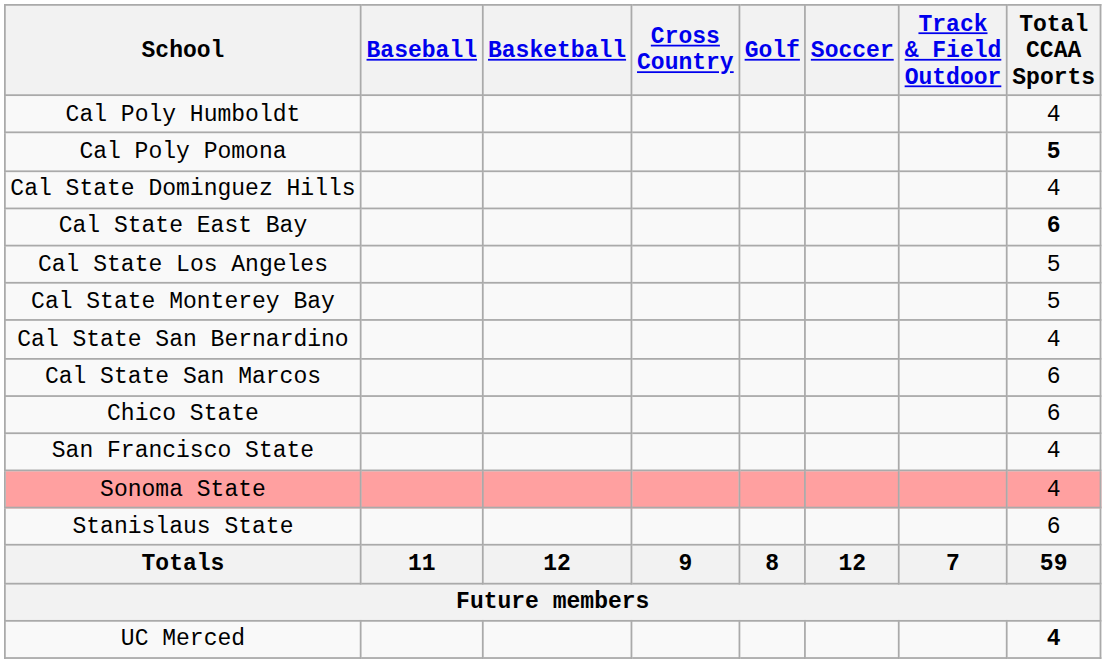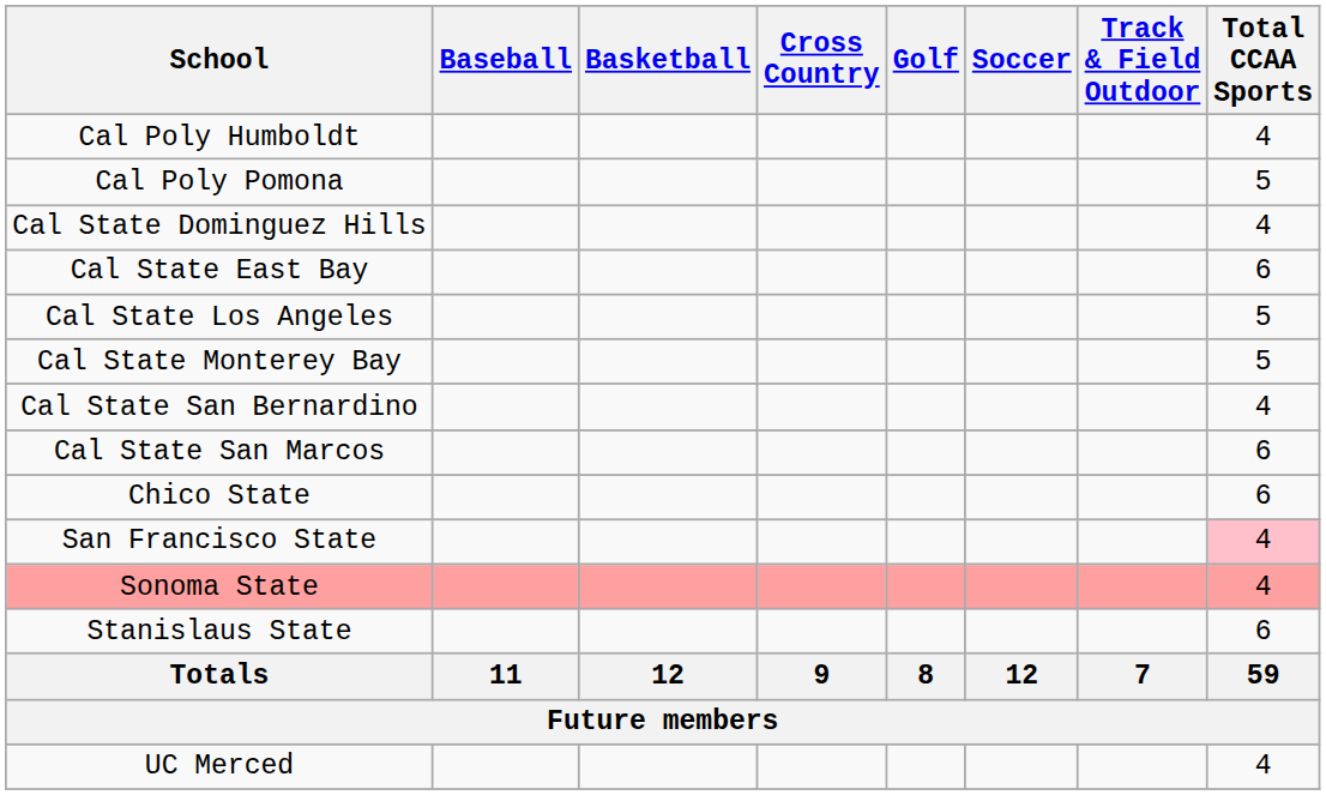 <table class="wikitable" style="text-align:center">
 <tr>
 <th>School</th>
 <th><a href='#'>Baseball</a></th>
 <th><a href='#'>Basketball</a></th>
 <th><a href='#'>Cross<br>Country</a></th>
 <th><a href='#'>Golf</a></th>
 <th><a href='#'>Soccer</a></th>
 <th><a href='#'>Track<br>& Field<br>Outdoor</a></th>
 <th>Total<br>CCAA<br>Sports</th>
 </tr>
 <tr>
 <td>Cal Poly Humboldt</td>
 <td></td>
 <td></td>
 <td></td>
 <td></td>
 <td></td>
 <td></td>
 <td>4</td>
 </tr>
 <tr>
 <td>Cal Poly Pomona</td>
 <td></td>
 <td></td>
 <td></td>
 <td></td>
 <td></td>
 <td></td>
-<td><strong>5</strong></td>
+<td>5</td>
 </tr>
 <tr>
 <td>Cal State Dominguez Hills</td>
 <td></td>
 <td></td>
 <td></td>
 <td></td>
 <td></td>
 <td></td>
 <td>4</td>
 </tr>
 <tr>
 <td>Cal State East Bay</td>
 <td></td>
 <td></td>
 <td></td>
 <td></td>
 <td></td>
 <td></td>
-<td><strong>6</strong></td>
+<td>6</td>
 </tr>
 <tr>
 <td>Cal State Los Angeles</td>
 <td></td>
 <td></td>
 <td></td>
 <td></td>
 <td></td>
 <td></td>
 <td>5</td>
 </tr>
 <tr>
 <td>Cal State Monterey Bay</td>
 <td></td>
 <td></td>
 <td></td>
 <td></td>
 <td></td>
 <td></td>
 <td>5</td>
 </tr>
 <tr>
 <td>Cal State San Bernardino</td>
 <td></td>
 <td></td>
 <td></td>
 <td></td>
 <td></td>
 <td></td>
 <td>4</td>
 </tr>
 <tr>
 <td>Cal State San Marcos</td>
 <td></td>
 <td></td>
 <td></td>
 <td></td>
 <td></td>
 <td></td>
 <td>6</td>
 </tr>
 <tr>
 <td>Chico State</td>
 <td></td>
 <td></td>
 <td></td>
 <td></td>
 <td></td>
 <td></td>
 <td>6</td>
 </tr>
 <tr>
 <td>San Francisco State</td>
 <td></td>
 <td></td>
 <td></td>
 <td></td>
 <td></td>
 <td></td>
-<td>4</td>
+<td style="background: pink;">4</td>
 </tr>
 <tr bgcolor=#ffa0a0>
 <td>Sonoma State</td>
 <td></td>
 <td></td>
 <td></td>
 <td></td>
 <td></td>
 <td></td>
 <td>4</td>
 </tr>
 <tr>
 <td>Stanislaus State</td>
 <td></td>
 <td></td>
 <td></td>
 <td></td>
 <td></td>
 <td></td>
 <td>6</td>
 </tr>
 <tr>
 <th><strong>Totals</strong></th>
 <th>11</th>
 <th>12</th>
 <th>9</th>
 <th>8</th>
 <th>12</th>
 <th>7</th>
 <th>59</th>
 </tr>
 <tr>
 <th colspan=8 align=center>Future members</th>
 </tr>
 <tr>
 <td>UC Merced</td>
 <td></td>
 <td></td>
 <td></td>
 <td></td>
 <td></td>
 <td></td>
-<td><strong>4</strong></td>
+<td>4</td>
 </tr>
 </table>
